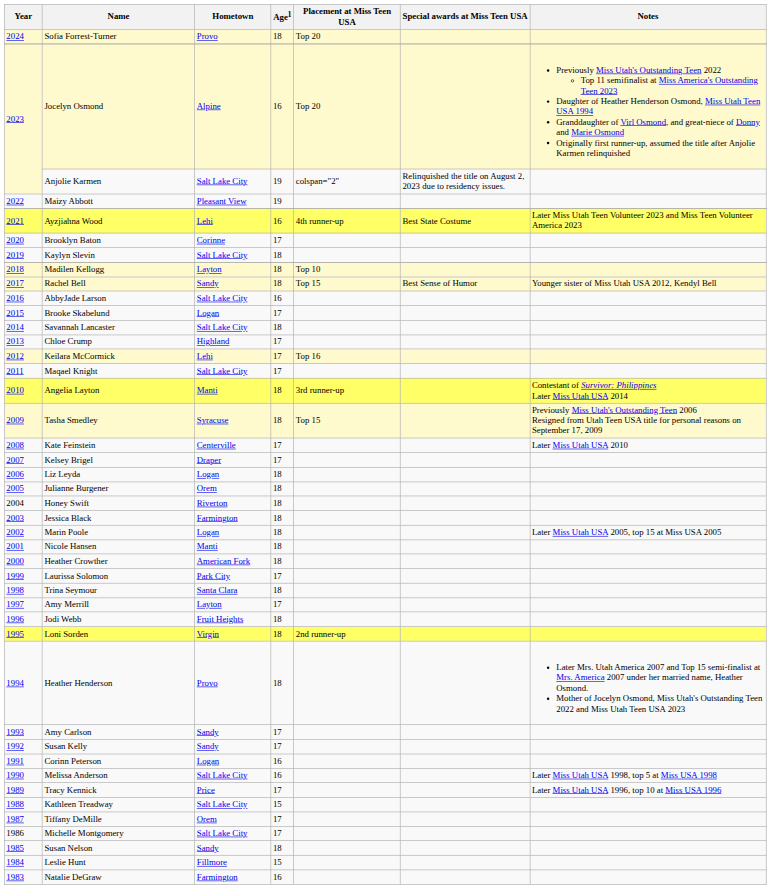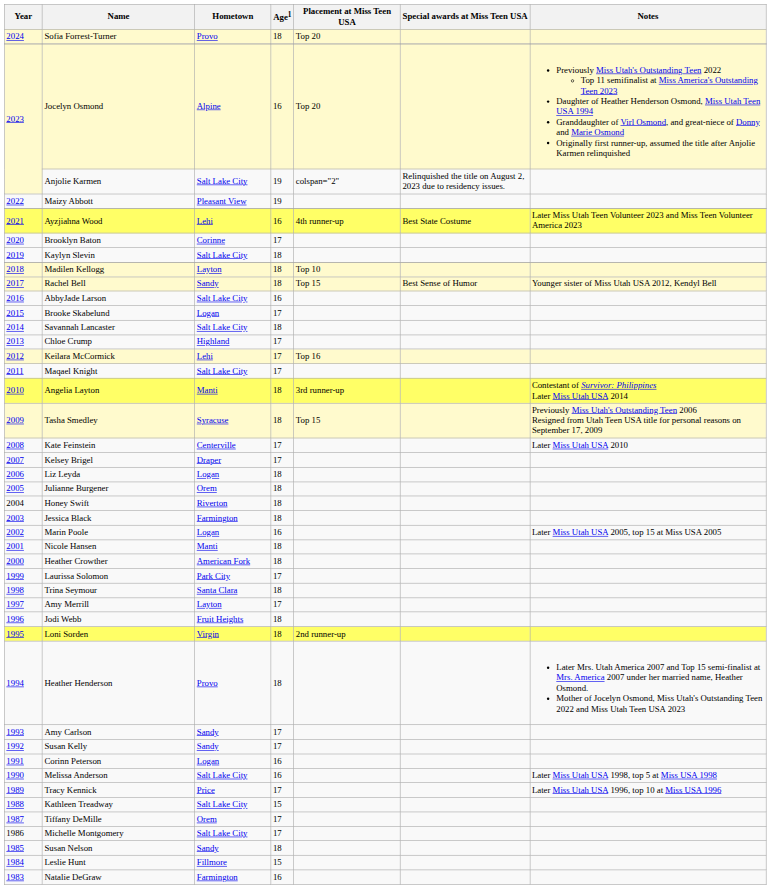 <table class="wikitable"style="font-size:90%;">
 <tr bgcolor="#efefef">
 <th width=5%>Year</th>
 <th width=20%>Name</th>
 <th width=10%>Hometown</th>
 <th width=3%>Age<sup>1</sup></th>
 <th width=14%>Placement at Miss Teen USA</th>
 <th width=17%>Special awards at Miss Teen  USA</th>
 <th width=31%>Notes</th>
 </tr>
 <tr style="background-color:#FFFACD;">
 <td><a href='#'>2024</a></td>
 <td>Sofia Forrest-Turner</td>
 <td><a href='#'>Provo</a></td>
 <td>18</td>
 <td>Top 20</td>
 <td></td>
 <td></td>
 </tr>
 <tr>
 </tr>
 <tr style="background-color:#FFFACD;">
 <td rowspan="2"><a href='#'>2023</a></td>
 <td>Jocelyn Osmond</td>
 <td><a href='#'>Alpine</a></td>
 <td>16</td>
 <td>Top 20</td>
 <td></td>
 <td><br><ul><li>Previously <a href='#'>Miss Utah's Outstanding Teen</a> 2022<ul><li>Top 11 semifinalist at <a href='#'>Miss America's Outstanding Teen 2023</a></li></ul></li><li>Daughter of Heather Henderson Osmond, <a href='#'>Miss Utah Teen USA 1994</a></li><li>Granddaughter of <a href='#'>Virl Osmond</a>, and great-niece of <a href='#'>Donny</a> and <a href='#'>Marie Osmond</a></li><li>Originally first runner-up, assumed the title after Anjolie Karmen relinquished</li></ul></td>
 </tr>
 <tr>
 <td>Anjolie Karmen</td>
 <td><a href='#'>Salt Lake City</a></td>
 <td>19</td>
 <td>colspan="2" </td>
 <td>Relinquished the title on August 2, 2023 due to residency issues.</td>
 </tr>
 <tr>
 <td><a href='#'>2022</a></td>
 <td>Maizy Abbott</td>
 <td><a href='#'>Pleasant View</a></td>
 <td>19</td>
 <td></td>
 <td></td>
 <td></td>
 </tr>
 <tr>
 </tr>
 <tr style="background-color:#FFFF66;”">
 <td><a href='#'>2021</a></td>
 <td>Ayzjiahna Wood</td>
 <td><a href='#'>Lehi</a></td>
 <td>16</td>
 <td>4th runner-up</td>
 <td>Best State Costume</td>
 <td>Later Miss Utah Teen Volunteer 2023 and Miss Teen Volunteer America 2023</td>
 </tr>
 <tr>
 <td><a href='#'>2020</a></td>
 <td>Brooklyn Baton</td>
 <td><a href='#'>Corinne</a></td>
 <td>17</td>
 <td></td>
 <td></td>
 <td></td>
 </tr>
 <tr>
 <td><a href='#'>2019</a></td>
 <td>Kaylyn Slevin</td>
 <td><a href='#'>Salt Lake City</a></td>
 <td>18</td>
 <td></td>
 <td></td>
 <td></td>
 </tr>
 <tr>
 </tr>
 <tr style="background-color:#FFFACD;">
 <td><a href='#'>2018</a></td>
 <td>Madilen Kellogg</td>
 <td><a href='#'>Layton</a></td>
 <td>18</td>
 <td>Top 10</td>
 <td></td>
 <td></td>
 </tr>
 <tr style="background-color:#FFFACD;">
 <td><a href='#'>2017</a></td>
 <td>Rachel Bell</td>
 <td><a href='#'>Sandy</a></td>
 <td>18</td>
 <td>Top 15</td>
 <td>Best Sense of Humor</td>
 <td>Younger sister of Miss Utah USA 2012, Kendyl Bell</td>
 </tr>
 <tr>
 <td><a href='#'>2016</a></td>
 <td>AbbyJade Larson</td>
 <td><a href='#'>Salt Lake City</a></td>
 <td>16</td>
 <td></td>
 <td></td>
 <td></td>
 </tr>
 <tr>
 <td><a href='#'>2015</a></td>
 <td>Brooke Skabelund</td>
 <td><a href='#'>Logan</a></td>
 <td>17</td>
 <td></td>
 <td></td>
 <td></td>
 </tr>
 <tr>
 <td><a href='#'>2014</a></td>
 <td>Savannah Lancaster</td>
 <td><a href='#'>Salt Lake City</a></td>
 <td>18</td>
 <td></td>
 <td></td>
 <td></td>
 </tr>
 <tr>
 <td><a href='#'>2013</a></td>
 <td>Chloe Crump</td>
 <td><a href='#'>Highland</a></td>
 <td>17</td>
 <td></td>
 <td></td>
 </tr>
 <tr style="background-color:#FFFACD;”">
 <td><a href='#'>2012</a></td>
 <td>Keilara McCormick</td>
 <td><a href='#'>Lehi</a></td>
 <td>17</td>
 <td>Top 16</td>
 <td></td>
 <td></td>
 </tr>
 <tr>
 <td><a href='#'>2011</a></td>
 <td>Maqael Knight</td>
 <td><a href='#'>Salt Lake City</a></td>
 <td>17</td>
 <td></td>
 <td></td>
 <td></td>
 </tr>
 <tr style="background-color:#FFFF66;”">
 <td><a href='#'>2010</a></td>
 <td>Angelia Layton</td>
 <td><a href='#'>Manti</a></td>
 <td>18</td>
 <td>3rd runner-up</td>
 <td></td>
 <td>Contestant of <em><a href='#'>Survivor: Philippines</a></em><br>Later <a href='#'>Miss Utah USA</a> 2014</td>
 </tr>
 <tr style="background-color:#FFFACD;”">
 <td><a href='#'>2009</a></td>
 <td>Tasha Smedley</td>
 <td><a href='#'>Syracuse</a></td>
 <td>18</td>
 <td>Top 15</td>
 <td></td>
 <td>Previously <a href='#'>Miss Utah's Outstanding Teen</a> 2006<br>Resigned from Utah Teen USA title for personal reasons on September 17, 2009</td>
 </tr>
 <tr>
 <td><a href='#'>2008</a></td>
 <td>Kate Feinstein</td>
 <td><a href='#'>Centerville</a></td>
 <td>17</td>
 <td></td>
 <td></td>
 <td>Later <a href='#'>Miss Utah USA</a> 2010</td>
 </tr>
 <tr>
 <td><a href='#'>2007</a></td>
 <td>Kelsey Brigel</td>
 <td><a href='#'>Draper</a></td>
 <td>17</td>
 <td></td>
 <td></td>
 <td></td>
 </tr>
 <tr>
 <td><a href='#'>2006</a></td>
 <td>Liz Leyda</td>
 <td><a href='#'>Logan</a></td>
 <td>18</td>
 <td></td>
 <td></td>
 <td></td>
 </tr>
 <tr>
 <td><a href='#'>2005</a></td>
 <td>Julianne Burgener</td>
 <td><a href='#'>Orem</a></td>
 <td>18</td>
 <td></td>
 <td></td>
 <td></td>
 </tr>
 <tr>
 <td>2004</td>
 <td>Honey Swift</td>
 <td><a href='#'>Riverton</a></td>
 <td>18</td>
 <td></td>
 <td></td>
 <td></td>
 </tr>
 <tr>
 <td><a href='#'>2003</a></td>
 <td>Jessica Black</td>
 <td><a href='#'>Farmington</a></td>
 <td>18</td>
 <td></td>
 <td></td>
 <td></td>
 </tr>
 <tr>
 <td><a href='#'>2002</a></td>
 <td>Marin Poole</td>
 <td><a href='#'>Logan</a></td>
-<td>18</td>
+<td>16</td>
 <td></td>
 <td></td>
 <td>Later <a href='#'>Miss Utah USA</a> 2005, top 15 at Miss USA 2005</td>
 </tr>
 <tr>
 <td><a href='#'>2001</a></td>
 <td>Nicole Hansen</td>
 <td><a href='#'>Manti</a></td>
 <td>18</td>
 <td></td>
 <td></td>
 <td></td>
 </tr>
 <tr>
 <td><a href='#'>2000</a></td>
 <td>Heather Crowther</td>
 <td><a href='#'>American Fork</a></td>
 <td>18</td>
 <td></td>
 <td></td>
 <td></td>
 </tr>
 <tr>
 <td><a href='#'>1999</a></td>
 <td>Laurissa Solomon</td>
 <td><a href='#'>Park City</a></td>
 <td>17</td>
 <td></td>
 <td></td>
 <td></td>
 </tr>
 <tr>
 <td><a href='#'>1998</a></td>
 <td>Trina Seymour</td>
 <td><a href='#'>Santa Clara</a></td>
 <td>18</td>
 <td></td>
 <td></td>
 <td></td>
 </tr>
 <tr>
 <td><a href='#'>1997</a></td>
 <td>Amy Merrill</td>
 <td><a href='#'>Layton</a></td>
 <td>17</td>
 <td></td>
 <td></td>
 <td></td>
 </tr>
 <tr>
 <td><a href='#'>1996</a></td>
 <td>Jodi Webb</td>
 <td><a href='#'>Fruit Heights</a></td>
 <td>18</td>
 <td></td>
 <td></td>
 <td></td>
 </tr>
 <tr style="background-color:#FFFF66;”">
 <td><a href='#'>1995</a></td>
 <td>Loni Sorden</td>
 <td><a href='#'>Virgin</a></td>
 <td>18</td>
 <td>2nd runner-up</td>
 <td></td>
 <td></td>
 </tr>
 <tr>
 <td><a href='#'>1994</a></td>
 <td>Heather Henderson</td>
 <td><a href='#'>Provo</a></td>
 <td>18</td>
 <td></td>
 <td></td>
 <td><br><ul><li>Later Mrs. Utah America 2007 and Top 15 semi-finalist at <a href='#'>Mrs. America</a> 2007 under her married name, Heather Osmond.</li><li>Mother of Jocelyn Osmond, Miss Utah's Outstanding Teen 2022 and Miss Utah Teen USA 2023</li></ul></td>
 </tr>
 <tr>
 <td><a href='#'>1993</a></td>
 <td>Amy Carlson</td>
 <td><a href='#'>Sandy</a></td>
 <td>17</td>
 <td></td>
 <td></td>
 <td></td>
 </tr>
 <tr>
 <td><a href='#'>1992</a></td>
 <td>Susan Kelly</td>
 <td><a href='#'>Sandy</a></td>
 <td>17</td>
 <td></td>
 <td></td>
 <td></td>
 </tr>
 <tr>
 <td><a href='#'>1991</a></td>
 <td>Corinn Peterson</td>
 <td><a href='#'>Logan</a></td>
 <td>16</td>
 <td></td>
 <td></td>
 <td></td>
 </tr>
 <tr>
 <td><a href='#'>1990</a></td>
 <td>Melissa Anderson</td>
 <td><a href='#'>Salt Lake City</a></td>
 <td>16</td>
 <td></td>
 <td></td>
 <td>Later <a href='#'>Miss Utah USA</a> 1998, top 5 at <a href='#'>Miss USA 1998</a></td>
 </tr>
 <tr>
 <td><a href='#'>1989</a></td>
 <td>Tracy Kennick</td>
 <td><a href='#'>Price</a></td>
 <td>17</td>
 <td></td>
 <td></td>
 <td>Later <a href='#'>Miss Utah USA</a> 1996, top 10 at <a href='#'>Miss USA 1996</a></td>
 </tr>
 <tr>
 <td><a href='#'>1988</a></td>
 <td>Kathleen Treadway</td>
 <td><a href='#'>Salt Lake City</a></td>
 <td>15</td>
 <td></td>
 <td></td>
 <td></td>
 </tr>
 <tr>
 <td><a href='#'>1987</a></td>
 <td>Tiffany DeMille</td>
 <td><a href='#'>Orem</a></td>
 <td>17</td>
 <td></td>
 <td></td>
 <td></td>
 </tr>
 <tr>
 <td>1986</td>
 <td>Michelle Montgomery</td>
 <td><a href='#'>Salt Lake City</a></td>
 <td>17</td>
 <td></td>
 <td></td>
 <td></td>
 </tr>
 <tr>
 <td><a href='#'>1985</a></td>
 <td>Susan Nelson</td>
 <td><a href='#'>Sandy</a></td>
 <td>18</td>
 <td></td>
 <td></td>
 <td></td>
 </tr>
 <tr>
 <td><a href='#'>1984</a></td>
 <td>Leslie Hunt</td>
 <td><a href='#'>Fillmore</a></td>
 <td>15</td>
 <td></td>
 <td></td>
 <td></td>
 </tr>
 <tr>
 <td><a href='#'>1983</a></td>
 <td>Natalie DeGraw</td>
 <td><a href='#'>Farmington</a></td>
 <td>16</td>
 <td></td>
 <td></td>
 <td></td>
 </tr>
 </table>
